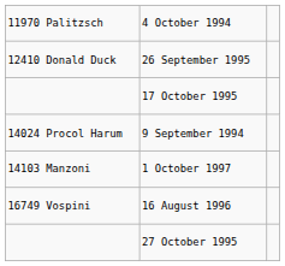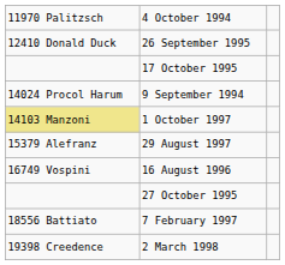 <table class="wikitable" style="font-size: 89%; float: left; width: 26em; margin-right: 1em; height: 280px;">
 <tr>
 <td>11970 Palitzsch</td>
 <td>4 October 1994</td>
 <td> </td>
 </tr>
 <tr>
 <td>12410 Donald Duck</td>
 <td>26 September 1995</td>
 <td> </td>
 </tr>
 <tr>
 <td></td>
 <td>17 October 1995</td>
 <td> </td>
 </tr>
 <tr>
 <td>14024 Procol Harum</td>
 <td>9 September 1994</td>
 <td> </td>
 </tr>
 <tr>
-<td>14103 Manzoni</td>
+<td style="background: khaki;">14103 Manzoni</td>
 <td>1 October 1997</td>
+<td> </td>
+</tr>
+<tr>
+<td>15379 Alefranz</td>
+<td>29 August 1997</td>
 <td> </td>
 </tr>
 <tr>
 <td>16749 Vospini</td>
 <td>16 August 1996</td>
 <td> </td>
 </tr>
 <tr>
 <td></td>
 <td>27 October 1995</td>
 <td> </td>
 </tr>
+<tr>
+<td>18556 Battiato</td>
+<td>7 February 1997</td>
+<td> </td>
+</tr>
+<tr>
+<td>19398 Creedence</td>
+<td>2 March 1998</td>
+<td> </td>
+</tr>
 </table>
